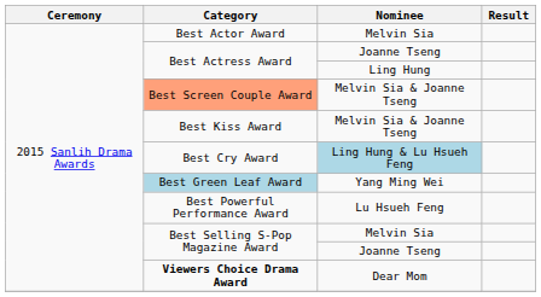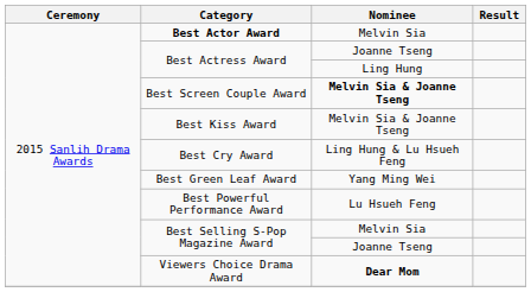 <table class="wikitable" style="text-align:center;">
 <tr>
 <th style="width:200px;">Ceremony</th>
 <th style="width:250px;">Category</th>
 <th style="width:250px;">Nominee</th>
 <th style="width:60px;">Result</th>
 </tr>
 <tr>
 <td rowspan=11>2015 <a href='#'>Sanlih Drama Awards</a></td>
-<td>Best Actor Award</td>
+<td><strong>Best Actor Award</strong></td>
 <td>Melvin Sia</td>
 <td></td>
 </tr>
 <tr>
 <td rowspan=2>Best Actress Award</td>
 <td>Joanne Tseng</td>
 <td></td>
 </tr>
 <tr>
 <td>Ling Hung</td>
 <td></td>
 </tr>
 <tr>
-<td style="background: lightsalmon;">Best Screen Couple Award</td>
-<td>Melvin Sia & Joanne Tseng</td>
+<td>Best Screen Couple Award</td>
+<td><strong>Melvin Sia & Joanne Tseng</strong></td>
 <td></td>
 </tr>
 <tr>
 <td>Best Kiss Award</td>
 <td>Melvin Sia & Joanne Tseng</td>
 <td></td>
 </tr>
 <tr>
 <td>Best Cry Award</td>
-<td style="background: lightblue;">Ling Hung & Lu Hsueh Feng</td>
+<td>Ling Hung & Lu Hsueh Feng</td>
 <td></td>
 </tr>
 <tr>
-<td style="background: lightblue;">Best Green Leaf Award</td>
+<td>Best Green Leaf Award</td>
 <td>Yang Ming Wei</td>
 <td></td>
 </tr>
 <tr>
 <td>Best Powerful Performance Award</td>
 <td>Lu Hsueh Feng</td>
 <td></td>
 </tr>
 <tr>
 <td rowspan=2>Best Selling S-Pop Magazine Award</td>
 <td>Melvin Sia</td>
 <td></td>
 </tr>
 <tr>
 <td>Joanne Tseng</td>
 <td></td>
 </tr>
 <tr>
-<td><strong>Viewers Choice Drama Award</strong></td>
-<td>Dear Mom</td>
+<td>Viewers Choice Drama Award</td>
+<td><strong>Dear Mom</strong></td>
 <td></td>
 </tr>
 <tr>
 </tr>
 </table>
